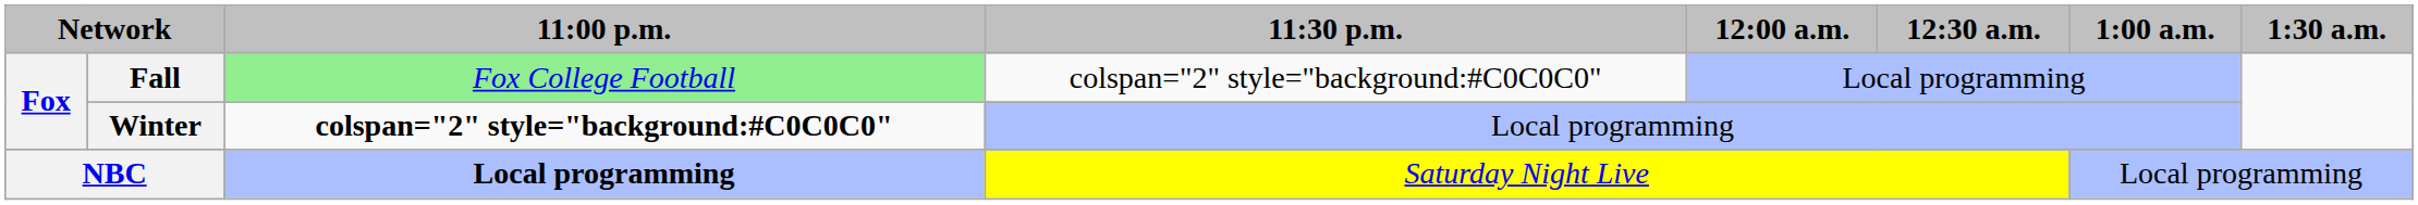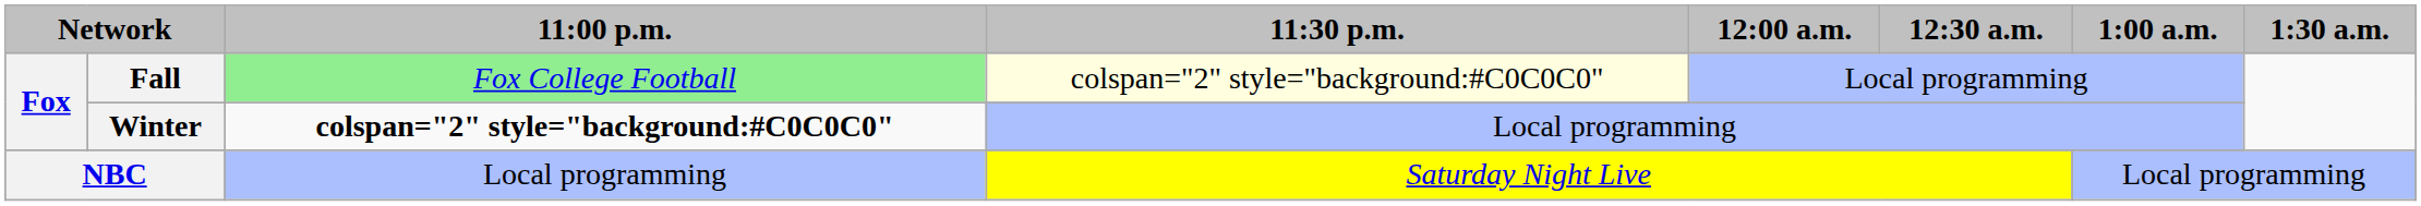 <table class="wikitable" style="width:100%;margin-right:0;text-align:center">
 <tr>
 <th colspan="2" style="background-color:#C0C0C0;text-align:center">Network</th>
 <th style="background-color:#C0C0C0;text-align:center">11:00 p.m.</th>
 <th style="background-color:#C0C0C0;text-align:center">11:30 p.m.</th>
 <th style="background-color:#C0C0C0;text-align:center">12:00 a.m.</th>
 <th style="background-color:#C0C0C0;text-align:center">12:30 a.m.</th>
 <th style="background-color:#C0C0C0;text-align:center">1:00 a.m.</th>
 <th style="background-color:#C0C0C0;text-align:center">1:30 a.m.</th>
 </tr>
 <tr>
 <th rowspan="2"><a href='#'>Fox</a></th>
 <th>Fall</th>
 <td style="background:lightgreen"><em><a href='#'>Fox College Football</a></em> </td>
-<td>colspan="2" style="background:#C0C0C0"  </td>
+<td style="background: lightyellow;">colspan="2" style="background:#C0C0C0"  </td>
 <td colspan="3" style="background:#abbfff">Local programming</td>
 </tr>
 <tr>
 <th>Winter</th>
 <td><strong>colspan="2" style="background:#C0C0C0"  </strong></td>
 <td colspan="4" style="background:#abbfff">Local programming</td>
 </tr>
 <tr>
 <th colspan="2"><a href='#'>NBC</a></th>
-<td style="background:#abbfff"><strong>Local programming</strong></td>
+<td style="background:#abbfff">Local programming</td>
 <td colspan="3" style="background:yellow"><em><a href='#'>Saturday Night Live</a></em></td>
 <td colspan="2" style="background:#abbfff">Local programming</td>
 </tr>
 </table>
